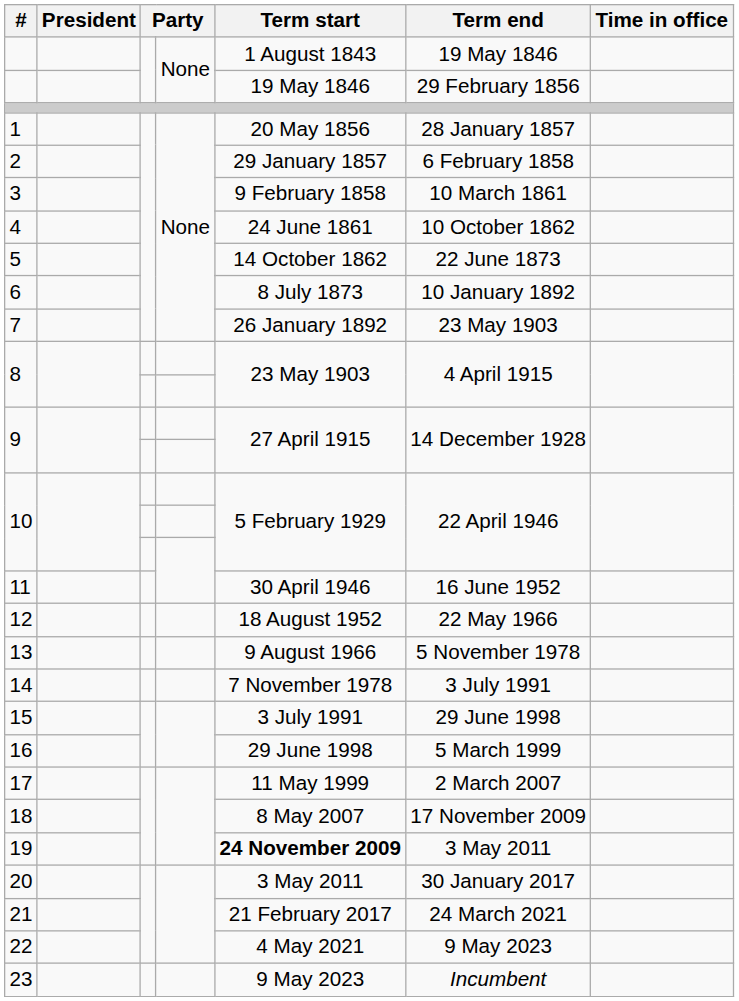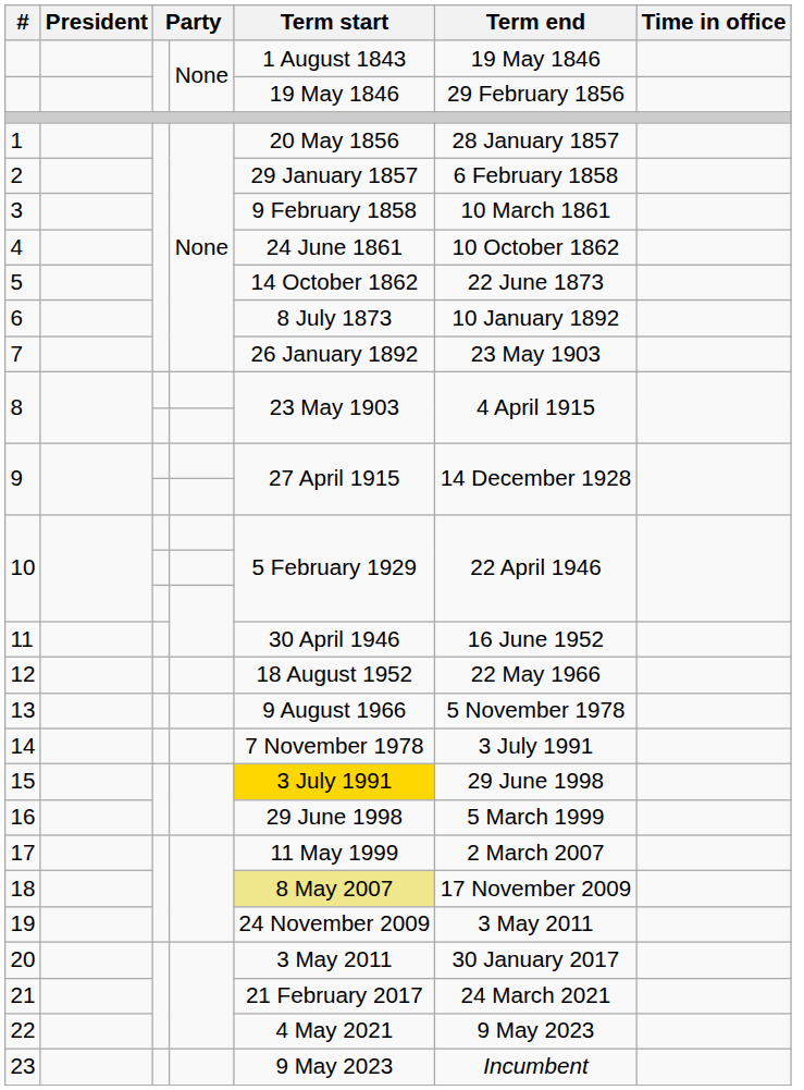 <table class="wikitable sortable">
 <tr>
 <th>#</th>
 <th>President</th>
 <th colspan=2>Party</th>
 <th>Term start</th>
 <th>Term end</th>
 <th>Time in office</th>
 </tr>
 <tr>
 <td></td>
 <td></td>
 <td rowspan=2></td>
 <td rowspan=2>None</td>
 <td align=center>1 August 1843</td>
 <td align=center>19 May 1846</td>
 <td align=right></td>
 </tr>
 <tr>
 <td></td>
 <td></td>
 <td align=center>19 May 1846</td>
 <td align=center>29 February 1856</td>
 <td align=right></td>
 </tr>
 <tr class="sortbottom">
 <th colspan="7" style="background: #cccccc;"></th>
 </tr>
 <tr>
 <td>1</td>
 <td></td>
 <td rowspan=7></td>
 <td rowspan=7>None</td>
 <td align=center>20 May 1856</td>
 <td align=center>28 January 1857</td>
 <td align=right></td>
 </tr>
 <tr>
 <td>2</td>
 <td></td>
 <td align=center>29 January 1857</td>
 <td align=center>6 February 1858</td>
 <td align=right></td>
 </tr>
 <tr>
 <td>3</td>
 <td></td>
 <td align=center>9 February 1858</td>
 <td align=center>10 March 1861</td>
 <td align=right></td>
 </tr>
 <tr>
 <td>4</td>
 <td></td>
 <td align=center>24 June 1861</td>
 <td align=center>10 October 1862</td>
 <td align=right></td>
 </tr>
 <tr>
 <td>5</td>
 <td></td>
 <td align=center>14 October 1862</td>
 <td align=center>22 June 1873</td>
 <td align=right></td>
 </tr>
 <tr>
 <td>6</td>
 <td></td>
 <td align=center>8 July 1873</td>
 <td align=center>10 January 1892</td>
 <td align=right><strong></strong></td>
 </tr>
 <tr>
 <td>7</td>
 <td></td>
 <td align=center>26 January 1892</td>
 <td align=center>23 May 1903</td>
 <td align=right></td>
 </tr>
 <tr>
 <td rowspan=2>8</td>
 <td rowspan=2></td>
 <td> </td>
 <td></td>
 <td rowspan=2 align=center>23 May 1903</td>
 <td rowspan=2 align=center>4 April 1915</td>
 <td align=right rowspan=2></td>
 </tr>
 <tr>
 <td> </td>
 <td></td>
 </tr>
 <tr>
 <td rowspan=2>9</td>
 <td rowspan=2></td>
 <td> </td>
 <td></td>
 <td rowspan=2 align=center>27 April 1915</td>
 <td rowspan=2 align=center>14 December 1928</td>
 <td rowspan=2 align=right></td>
 </tr>
 <tr>
 <td> </td>
 <td></td>
 </tr>
 <tr>
 <td rowspan=3>10</td>
 <td rowspan=3></td>
 <td> </td>
 <td></td>
 <td rowspan=3 align=center>5 February 1929</td>
 <td rowspan=3 align=center>22 April 1946</td>
 <td rowspan=3 align=right></td>
 </tr>
 <tr>
 <td> </td>
 <td></td>
 </tr>
 <tr>
 <td> </td>
 <td rowspan=2></td>
 </tr>
 <tr>
 <td>11</td>
 <td></td>
 <td> </td>
 <td align=center>30 April 1946</td>
 <td align=center>16 June 1952</td>
 <td align=right></td>
 </tr>
 <tr>
 <td>12</td>
 <td></td>
 <td> </td>
 <td></td>
 <td align=center>18 August 1952</td>
 <td align=center>22 May 1966</td>
 <td align=right></td>
 </tr>
 <tr>
 <td>13</td>
 <td></td>
 <td> </td>
 <td></td>
 <td align=center>9 August 1966</td>
 <td align=center>5 November 1978</td>
 <td align=right></td>
 </tr>
 <tr>
 <td>14</td>
 <td></td>
 <td> </td>
 <td></td>
 <td align=center>7 November 1978</td>
 <td align=center>3 July 1991</td>
 <td align=right></td>
 </tr>
 <tr>
 <td>15</td>
 <td></td>
 <td rowspan=2 > </td>
 <td rowspan=2></td>
-<td align=center>3 July 1991</td>
+<td align=center style="background: gold;">3 July 1991</td>
 <td align=center>29 June 1998</td>
 <td align=right></td>
 </tr>
 <tr>
 <td>16</td>
 <td></td>
 <td align=center>29 June 1998</td>
 <td align=center>5 March 1999</td>
 <td align=right></td>
 </tr>
 <tr>
 <td>17</td>
 <td></td>
 <td rowspan=3 > </td>
 <td rowspan=3></td>
 <td align=center>11 May 1999</td>
 <td align=center>2 March 2007</td>
 <td align=right></td>
 </tr>
 <tr>
 <td>18</td>
 <td></td>
-<td align=center>8 May 2007</td>
+<td align=center style="background: khaki;">8 May 2007</td>
 <td align=center>17 November 2009</td>
 <td align=right></td>
 </tr>
 <tr>
 <td>19</td>
 <td></td>
-<td align=center><strong>24 November 2009</strong></td>
+<td align=center>24 November 2009</td>
 <td align=center>3 May 2011</td>
 <td align=right></td>
 </tr>
 <tr>
 <td>20</td>
 <td></td>
 <td rowspan=3 > </td>
 <td rowspan=3></td>
 <td align=center>3 May 2011</td>
 <td align=center>30 January 2017</td>
 <td align=right></td>
 </tr>
 <tr>
 <td>21</td>
 <td></td>
 <td align=center>21 February 2017</td>
 <td align=center>24 March 2021</td>
 <td align=right></td>
 </tr>
 <tr>
 <td>22</td>
 <td></td>
 <td align=center>4 May 2021</td>
 <td align=center>9 May 2023</td>
 <td align=right></td>
 </tr>
 <tr>
 <td>23</td>
 <td></td>
 <td> </td>
 <td></td>
 <td align=center>9 May 2023</td>
 <td align=center><em>Incumbent</em></td>
 <td align=right></td>
 </tr>
 </table>
